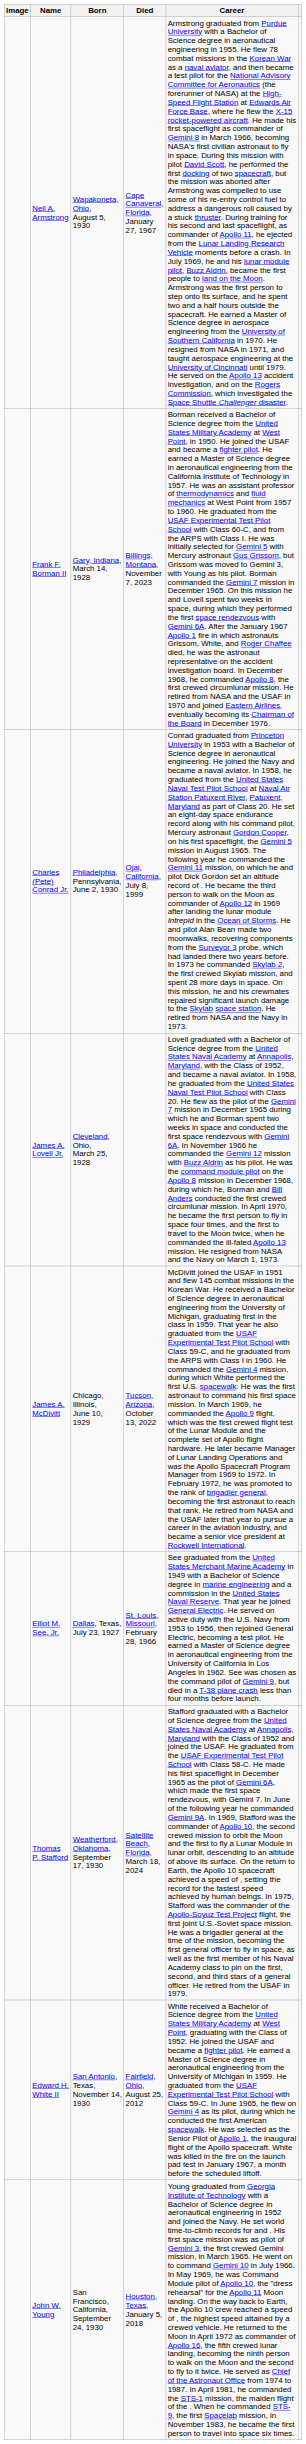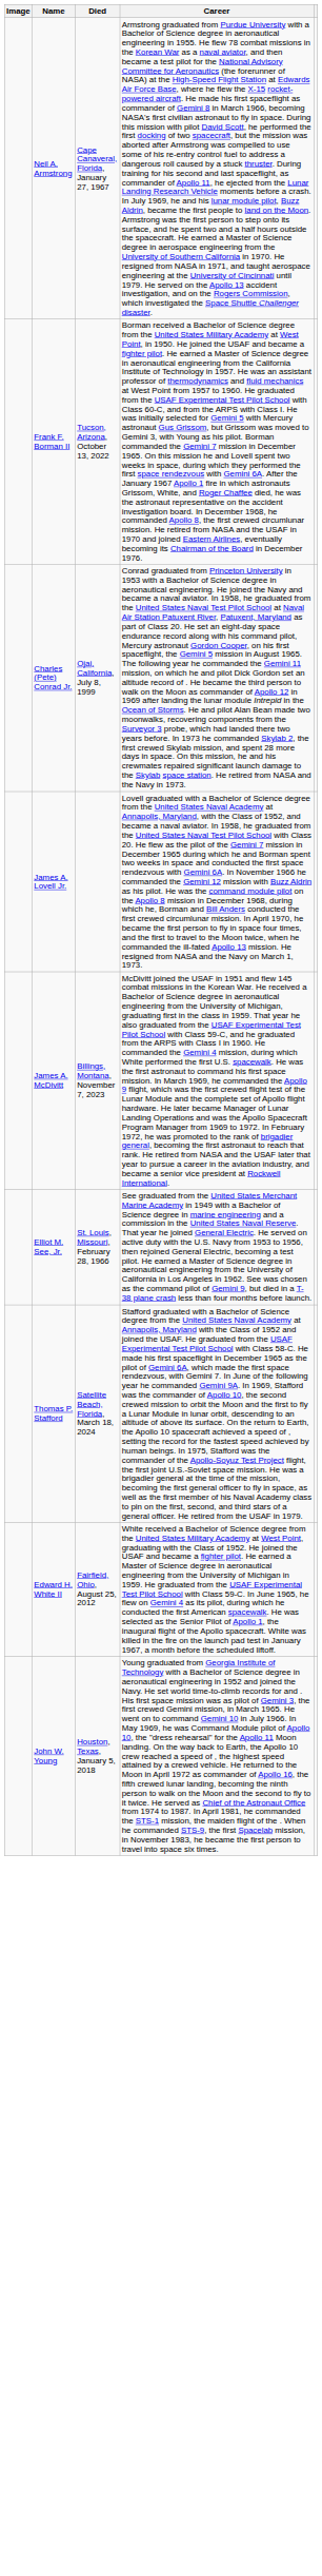 <table class="wikitable sortable sticky-header">
 <tr>
 <th scope="col" class="unsortable">Image</th>
 <th scope="col">Name</th>
-<th scope="col">Born</th>
 <th scope="col">Died</th>
 <th scope="col" style="min-width: 150px;">Career</th>
 <th scope="col" class="unsortable"></th>
 </tr>
 <tr>
 <td></td>
 <td data-sort-value=Armstrong><a href='#'>Neil A. Armstrong</a></td>
-<td data-sort-value=><a href='#'>Wapakoneta, Ohio</a>,<br>August 5, 1930</td>
 <td><a href='#'>Cape Canaveral, Florida</a>,<br>January 27, 1967</td>
 <td>Armstrong graduated from <a href='#'>Purdue University</a> with a Bachelor of Science degree in aeronautical engineering in 1955. He flew 78 combat missions in the <a href='#'>Korean War</a> as a <a href='#'>naval aviator</a>, and then became a test pilot for the <a href='#'>National Advisory Committee for Aeronautics</a> (the forerunner of NASA) at the  <a href='#'>High-Speed Flight Station</a> at <a href='#'>Edwards Air Force Base</a>, where he flew the <a href='#'>X-15</a> <a href='#'>rocket-powered aircraft</a>. He made his first spaceflight as commander of <a href='#'>Gemini 8</a> in March 1966, becoming NASA's first civilian astronaut to fly in space. During this mission with pilot <a href='#'>David Scott</a>, he performed the first <a href='#'>docking</a> of two <a href='#'>spacecraft</a>, but the mission was aborted after Armstrong was compelled to use some of his re-entry control fuel to address a dangerous roll caused by a stuck <a href='#'>thruster</a>. During training for his second and last spaceflight, as commander of <a href='#'>Apollo 11</a>, he ejected from the <a href='#'>Lunar Landing Research Vehicle</a> moments before a crash. In July 1969, he and his <a href='#'>lunar module pilot</a>, <a href='#'>Buzz Aldrin</a>, became the first people to <a href='#'>land on the Moon</a>. Armstrong was the first person to step onto its surface, and he spent two and a half hours outside the spacecraft. He earned a Master of Science degree in aerospace engineering from the <a href='#'>University of Southern California</a> in 1970. He resigned from NASA in 1971, and taught aerospace engineering at the <a href='#'>University of Cincinnati</a> until 1979. He served on the <a href='#'>Apollo 13</a> accident investigation, and on the <a href='#'>Rogers Commission</a>, which investigated the <a href='#'>Space Shuttle <em>Challenger</em> disaster</a>.</td>
 <td></td>
 </tr>
 <tr>
 <td></td>
 <td data-sort-value=Borman><a href='#'>Frank F. Borman II</a></td>
-<td data-sort-value=><a href='#'>Gary, Indiana</a>,<br>March 14, 1928</td>
-<td><a href='#'>Billings, Montana</a>,<br>November 7, 2023</td>
+<td><a href='#'>Tucson, Arizona</a>,<br>October 13, 2022</td>
 <td>Borman received a Bachelor of Science degree from the <a href='#'>United States Military Academy</a> at <a href='#'>West Point</a>, in 1950. He joined the USAF and became a <a href='#'>fighter pilot</a>. He earned a Master of Science degree in aeronautical engineering from the California Institute of Technology in 1957. He was an assistant professor of <a href='#'>thermodynamics</a> and <a href='#'>fluid mechanics</a> at West Point from 1957 to 1960. He graduated from the <a href='#'>USAF Experimental Test Pilot School</a> with Class 60-C, and from the ARPS with Class I. He was initially selected for <a href='#'>Gemini 5</a> with Mercury astronaut <a href='#'>Gus Grissom</a>, but Grissom was moved to Gemini 3, with Young as his pilot. Borman commanded the <a href='#'>Gemini 7</a> mission in December 1965. On this mission he and Lovell spent two weeks in space, during which they performed the first <a href='#'>space rendezvous</a> with <a href='#'>Gemini 6A</a>. After the January 1967 <a href='#'>Apollo 1</a> fire in which astronauts Grissom, White, and <a href='#'>Roger Chaffee</a> died, he was the astronaut representative on the accident investigation board. In December 1968, he commanded <a href='#'>Apollo 8</a>, the first crewed circumlunar mission. He retired from NASA and the USAF in 1970 and joined <a href='#'>Eastern Airlines</a>, eventually becoming its <a href='#'>Chairman of the Board</a> in December 1976.</td>
 <td></td>
 </tr>
 <tr>
 <td></td>
 <td data-sort-value=Conrad><a href='#'>Charles (Pete) Conrad Jr.</a></td>
-<td data-sort-value=><a href='#'>Philadelphia</a>, Pennsylvania,<br>June 2, 1930</td>
 <td><a href='#'>Ojai, California</a>,<br>July 8, 1999</td>
 <td>Conrad graduated from <a href='#'>Princeton University</a> in 1953 with a Bachelor of Science degree in aeronautical engineering. He joined the Navy and became a naval aviator. In 1958, he graduated from the <a href='#'>United States Naval Test Pilot School</a> at <a href='#'>Naval Air Station Patuxent River</a>, <a href='#'>Patuxent, Maryland</a> as part of Class 20. He set an eight-day space endurance record along with his command pilot, Mercury astronaut <a href='#'>Gordon Cooper</a>, on his first spaceflight, the <a href='#'>Gemini 5</a> mission in August 1965. The following year he commanded the <a href='#'>Gemini 11</a> mission, on which he and pilot Dick Gordon set an altitude record of . He became the third person to walk on the Moon as commander of <a href='#'>Apollo 12</a> in 1969 after landing the lunar module <em>Intrepid</em> in the <a href='#'>Ocean of Storms</a>. He and pilot Alan Bean made two moonwalks, recovering components from the <a href='#'>Surveyor 3</a> probe, which had landed there two years before. In 1973 he commanded <a href='#'>Skylab 2</a>, the first crewed Skylab mission, and spent 28 more days in space. On this mission, he and his crewmates repaired significant launch damage to the <a href='#'>Skylab</a> <a href='#'>space station</a>. He retired from NASA and the Navy in 1973.</td>
 <td></td>
 </tr>
 <tr>
 <td></td>
 <td data-sort-value=Lovell><a href='#'>James A. Lovell Jr.</a></td>
-<td data-sort-value=><a href='#'>Cleveland</a>, Ohio,<br>March 25, 1928</td>
 <td> </td>
 <td>Lovell graduated with a Bachelor of Science degree from the <a href='#'>United States Naval Academy</a> at <a href='#'>Annapolis, Maryland</a>, with the Class of 1952, and became a naval aviator. In 1958, he graduated from the <a href='#'>United States Naval Test Pilot School</a> with Class 20. He flew as the pilot of the <a href='#'>Gemini 7</a> mission in December 1965 during which he and Borman spent two weeks in space and conducted the  first space rendezvous with <a href='#'>Gemini 6A</a>. In November 1966 he commanded the <a href='#'>Gemini 12</a> mission with <a href='#'>Buzz Aldrin</a> as his pilot. He was the <a href='#'>command module pilot</a> on the <a href='#'>Apollo 8</a> mission in December 1968, during which he, Borman and <a href='#'>Bill Anders</a> conducted the first crewed circumlunar mission. In April 1970, he became the first person to fly in space four times, and the first to travel to the Moon twice, when he commanded the ill-fated <a href='#'>Apollo 13</a> mission. He resigned from NASA and the Navy on March 1, 1973.</td>
 <td></td>
 </tr>
 <tr>
 <td></td>
 <td data-sort-value=McDivett><a href='#'>James A. McDivitt</a></td>
-<td data-sort-value=>Chicago, Illinois,<br>June 10, 1929</td>
-<td><a href='#'>Tucson, Arizona</a>,<br>October 13, 2022</td>
+<td><a href='#'>Billings, Montana</a>,<br>November 7, 2023</td>
 <td>McDivitt joined the USAF in 1951 and flew 145 combat missions in the Korean War. He received a Bachelor of Science degree in aeronautical engineering from the University of Michigan, graduating first in the class in 1959. That year he also graduated from the <a href='#'>USAF Experimental Test Pilot School</a> with Class 59-C, and he graduated from the ARPS with Class I in 1960. He commanded the <a href='#'>Gemini 4</a> mission, during which White performed the first U.S. <a href='#'>spacewalk</a>. He was the first astronaut to command his first space mission. In March 1969, he commanded the <a href='#'>Apollo 9</a> flight, which was the first crewed flight test of the Lunar Module and the complete set of Apollo flight hardware. He later became Manager of Lunar Landing Operations and was the Apollo Spacecraft Program Manager from 1969 to 1972. In February 1972, he was promoted to the rank of <a href='#'>brigadier general</a>, becoming the first astronaut to reach that rank. He retired from NASA and the USAF later that year to pursue a career in the aviation industry, and became a senior vice president at <a href='#'>Rockwell International</a>.</td>
 <td></td>
 </tr>
 <tr>
 <td></td>
 <td data-sort-value=See><a href='#'>Elliot M. See, Jr.</a></td>
-<td data-sort-value=><a href='#'>Dallas</a>, Texas,<br>July 23, 1927</td>
 <td><a href='#'>St. Louis</a>, <a href='#'>Missouri</a>,<br>February 28, 1966</td>
 <td>See graduated from the <a href='#'>United States Merchant Marine Academy</a> in 1949 with a Bachelor of Science degree in <a href='#'>marine engineering</a> and a commission in the <a href='#'>United States Naval Reserve</a>. That year he joined <a href='#'>General Electric</a>. He served on active duty with the U.S. Navy from 1953 to 1956, then rejoined General Electric, becoming a test pilot. He earned a Master of Science degree in aeronautical engineering from the University of California in Los Angeles in 1962. See was chosen as the command pilot of <a href='#'>Gemini 9</a>, but died in a <a href='#'>T-38 plane crash</a> less than four months before launch.</td>
 <td></td>
 </tr>
 <tr>
 <td></td>
 <td data=sort-value=Stafford><a href='#'>Thomas P. Stafford</a></td>
-<td data-sort-value=><a href='#'>Weatherford, Oklahoma</a>,<br>September 17, 1930</td>
 <td><a href='#'>Satellite Beach, Florida</a>,<br>March 18, 2024</td>
 <td>Stafford graduated with a Bachelor of Science  degree from the <a href='#'>United States Naval Academy</a> at <a href='#'>Annapolis, Maryland</a> with the Class of 1952 and joined the USAF.  He graduated from the <a href='#'>USAF Experimental Test Pilot School</a> with Class 58-C. He made his first spaceflight in December 1965 as the pilot of <a href='#'>Gemini 6A</a>, which made the first space rendezvous, with Gemini 7. In June of the following year he commanded <a href='#'>Gemini 9A</a>. In 1969, Stafford was the commander of <a href='#'>Apollo 10</a>, the second crewed mission to orbit the Moon and the first to fly a Lunar Module in lunar orbit, descending to an altitude of  above its surface. On the return to Earth, the Apollo 10 spacecraft achieved a speed of , setting the record for the fastest speed achieved by human beings. In 1975, Stafford was the commander of the <a href='#'>Apollo-Soyuz Test Project</a> flight, the first joint U.S.-Soviet space mission. He was a brigadier general at the time of the mission, becoming the first general officer to fly in space, as well as the first member of his Naval Academy class to pin on the first, second, and third stars of a general officer. He retired from the USAF in 1979.</td>
 <td></td>
 </tr>
 <tr>
 <td></td>
 <td data-sort-value=White><a href='#'>Edward H. White II</a></td>
-<td data-sort-value= ><a href='#'>San Antonio</a>, Texas,<br>November 14, 1930</td>
 <td><a href='#'>Fairfield, Ohio</a>,<br>August 25, 2012</td>
 <td>White received a Bachelor of Science degree from the <a href='#'>United States Military Academy</a> at <a href='#'>West Point</a>, graduating with the Class of 1952. He joined the USAF and became a <a href='#'>fighter pilot</a>. He earned a Master of Science degree in aeronautical engineering from the University of Michigan in 1959.  He graduated from the <a href='#'>USAF Experimental Test Pilot School</a> with Class 59-C. In June 1965, he flew on <a href='#'>Gemini 4</a> as its pilot, during which he conducted the first American <a href='#'>spacewalk</a>. He was selected as the Senior Pilot of <a href='#'>Apollo 1</a>, the inaugural flight of the Apollo spacecraft. White was killed in the fire on the launch pad test in January 1967, a month before the scheduled liftoff.</td>
 <td></td>
 </tr>
 <tr>
 <td></td>
 <td data-sort-value=Young><a href='#'>John W. Young</a></td>
-<td data-sort-value=>San Francisco, California,<br>September 24, 1930</td>
 <td><a href='#'>Houston</a>, <a href='#'>Texas</a>,<br>January 5, 2018</td>
 <td>Young graduated from <a href='#'>Georgia Institute of Technology</a> with a Bachelor of Science degree in aeronautical engineering in 1952 and joined the Navy. He set world time-to-climb records for  and . His first space mission was as pilot of <a href='#'>Gemini 3</a>, the first crewed Gemini mission,  in March 1965. He went on to command <a href='#'>Gemini 10</a> in July 1966. In May 1969, he was Command Module pilot of <a href='#'>Apollo 10</a>, the "dress rehearsal" for the <a href='#'>Apollo 11</a> Moon landing. On the way back to Earth, the Apollo 10 crew reached a speed of , the highest speed attained by a crewed vehicle. He returned to the Moon in April 1972 as commander of <a href='#'>Apollo 16</a>, the fifth crewed lunar landing, becoming the ninth person to walk on the Moon and the second to fly to it twice. He served as <a href='#'>Chief of the Astronaut Office</a> from 1974 to 1987. In April 1981, he commanded the <a href='#'>STS-1</a> mission, the maiden flight of the . When he commanded <a href='#'>STS-9</a>, the first <a href='#'>Spacelab</a> mission, in November 1983, he became the first person to travel into space six times.</td>
 <td></td>
 </tr>
 </table>
